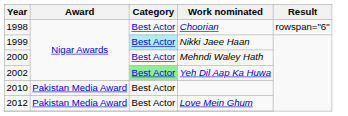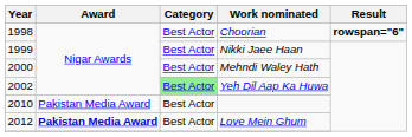 <table class="wikitable">
 <tr>
 <th>Year</th>
 <th>Award</th>
 <th>Category</th>
 <th>Work nominated</th>
 <th>Result</th>
 </tr>
 <tr>
 <td>1998</td>
 <td rowspan="4" style="text-align:center;"><a href='#'>Nigar Awards</a></td>
 <td><a href='#'>Best Actor</a></td>
 <td><em><a href='#'>Choorian</a></em></td>
-<td>rowspan="6" </td>
+<td><strong>rowspan="6" </strong></td>
 </tr>
 <tr>
 <td>1999</td>
-<td style="background: paleturquoise;"><a href='#'>Best Actor</a></td>
+<td><a href='#'>Best Actor</a></td>
 <td><em>Nikki Jaee Haan</em></td>
 </tr>
 <tr>
 <td>2000</td>
 <td><a href='#'>Best Actor</a></td>
 <td><em>Mehndi Waley Hath</em></td>
 </tr>
 <tr>
 <td>2002</td>
 <td style="background: lightgreen;"><a href='#'>Best Actor</a></td>
 <td><em><a href='#'>Yeh Dil Aap Ka Huwa</a></em></td>
 </tr>
 <tr>
 <td>2010</td>
 <td><a href='#'>Pakistan Media Award</a></td>
 <td>Best Actor</td>
 <td></td>
 </tr>
 <tr>
 <td>2012</td>
-<td><a href='#'>Pakistan Media Award</a></td>
+<td><strong><a href='#'>Pakistan Media Award</a></strong></td>
 <td>Best Actor</td>
 <td><em><a href='#'>Love Mein Ghum</a></em></td>
 </tr>
 <tr>
 </tr>
 </table>
